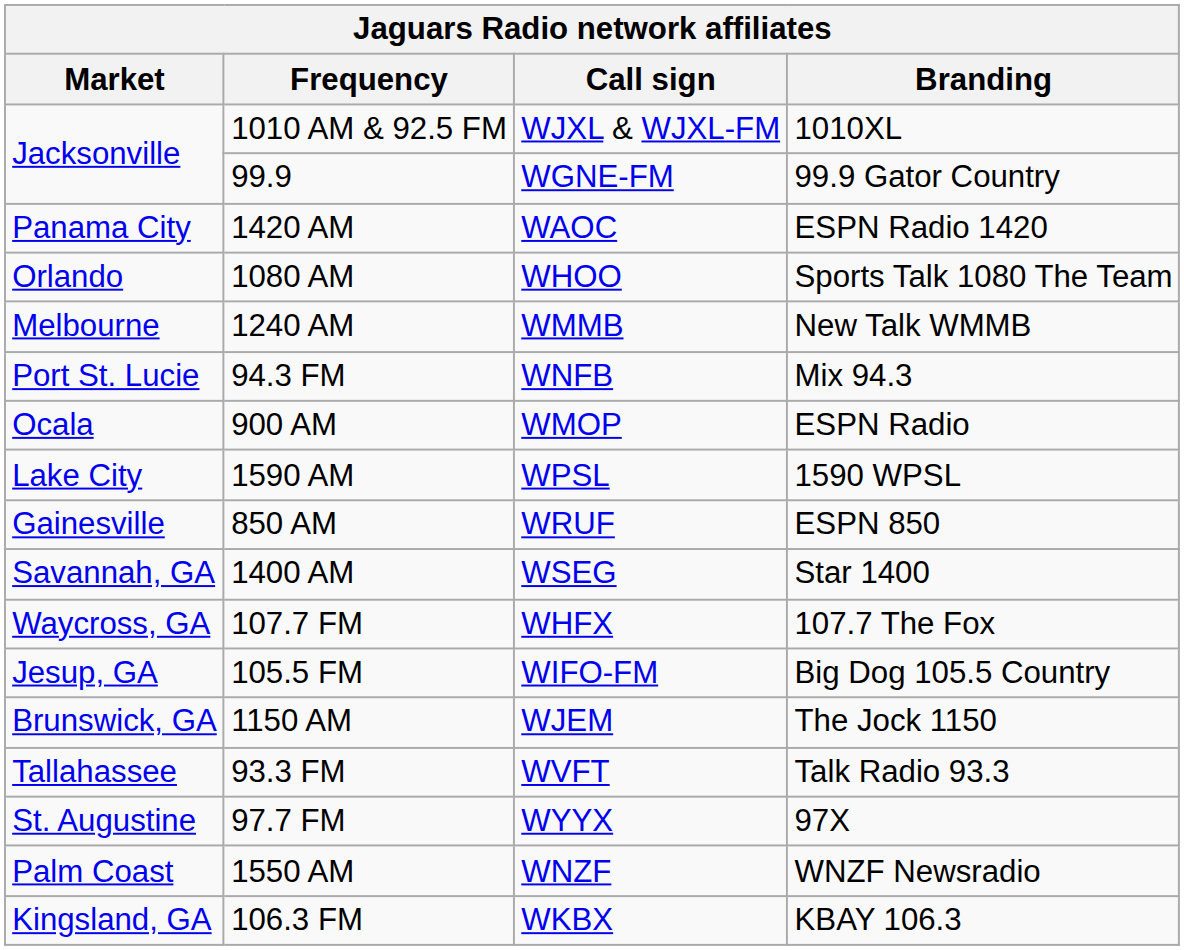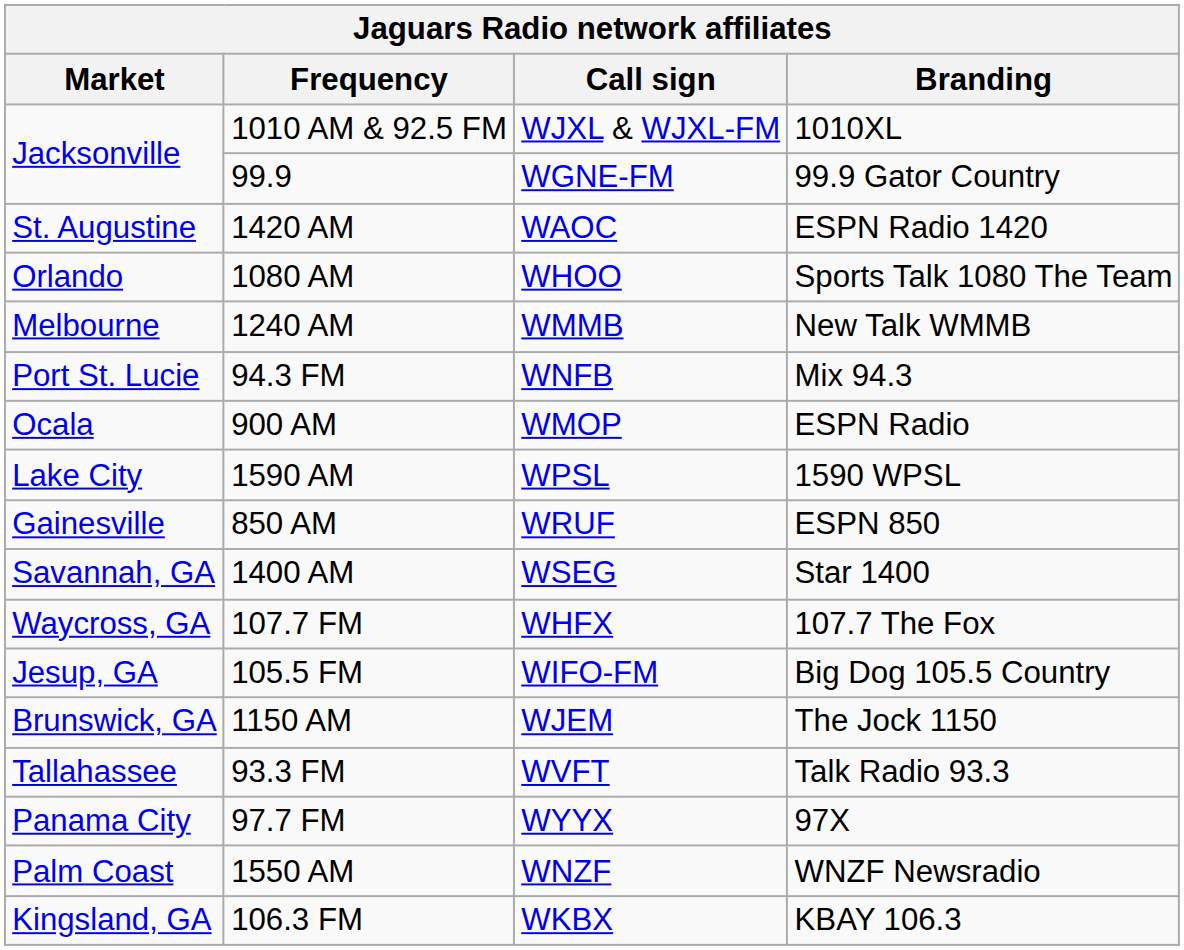 <table class="wikitable">
 <tr>
 <th colspan=5>Jaguars Radio network affiliates</th>
 </tr>
 <tr>
 <th>Market</th>
 <th>Frequency</th>
 <th>Call sign</th>
 <th>Branding</th>
 </tr>
 <tr>
 <td rowspan=2><a href='#'>Jacksonville</a></td>
 <td>1010 AM & 92.5 FM</td>
 <td><a href='#'>WJXL</a> & <a href='#'>WJXL-FM</a></td>
 <td>1010XL</td>
 </tr>
 <tr>
 <td>99.9</td>
 <td><a href='#'>WGNE-FM</a></td>
 <td>99.9 Gator Country</td>
 </tr>
 <tr>
-<td><a href='#'>Panama City</a></td>
+<td><a href='#'>St. Augustine</a></td>
 <td>1420 AM</td>
 <td><a href='#'>WAOC</a></td>
 <td>ESPN Radio 1420</td>
 </tr>
 <tr>
 <td><a href='#'>Orlando</a></td>
 <td>1080 AM</td>
 <td><a href='#'>WHOO</a></td>
 <td>Sports Talk 1080 The Team</td>
 </tr>
 <tr>
 <td><a href='#'>Melbourne</a></td>
 <td>1240 AM</td>
 <td><a href='#'>WMMB</a></td>
 <td>New Talk WMMB</td>
 </tr>
 <tr>
 <td><a href='#'>Port St. Lucie</a></td>
 <td>94.3 FM</td>
 <td><a href='#'>WNFB</a></td>
 <td>Mix 94.3</td>
 </tr>
 <tr>
 <td><a href='#'>Ocala</a></td>
 <td>900 AM</td>
 <td><a href='#'>WMOP</a></td>
 <td>ESPN Radio</td>
 </tr>
 <tr>
 <td><a href='#'>Lake City</a></td>
 <td>1590 AM</td>
 <td><a href='#'>WPSL</a></td>
 <td>1590 WPSL</td>
 </tr>
 <tr>
 <td><a href='#'>Gainesville</a></td>
 <td>850 AM</td>
 <td><a href='#'>WRUF</a></td>
 <td>ESPN 850</td>
 </tr>
 <tr>
 <td><a href='#'>Savannah, GA</a></td>
 <td>1400 AM</td>
 <td><a href='#'>WSEG</a></td>
 <td>Star 1400</td>
 </tr>
 <tr>
 <td><a href='#'>Waycross, GA</a></td>
 <td>107.7 FM</td>
 <td><a href='#'>WHFX</a></td>
 <td>107.7 The Fox</td>
 </tr>
 <tr>
 <td><a href='#'>Jesup, GA</a></td>
 <td>105.5 FM</td>
 <td><a href='#'>WIFO-FM</a></td>
 <td>Big Dog 105.5 Country</td>
 </tr>
 <tr>
 <td><a href='#'>Brunswick, GA</a></td>
 <td>1150 AM</td>
 <td><a href='#'>WJEM</a></td>
 <td>The Jock 1150</td>
 </tr>
 <tr>
 <td><a href='#'>Tallahassee</a></td>
 <td>93.3 FM</td>
 <td><a href='#'>WVFT</a></td>
 <td>Talk Radio 93.3</td>
 </tr>
 <tr>
-<td><a href='#'>St. Augustine</a></td>
+<td><a href='#'>Panama City</a></td>
 <td>97.7 FM</td>
 <td><a href='#'>WYYX</a></td>
 <td>97X</td>
 </tr>
 <tr>
 <td><a href='#'>Palm Coast</a></td>
 <td>1550 AM</td>
 <td><a href='#'>WNZF</a></td>
 <td>WNZF Newsradio</td>
 </tr>
 <tr>
 <td><a href='#'>Kingsland, GA</a></td>
 <td>106.3 FM</td>
 <td><a href='#'>WKBX</a></td>
 <td>KBAY 106.3</td>
 </tr>
 </table>
